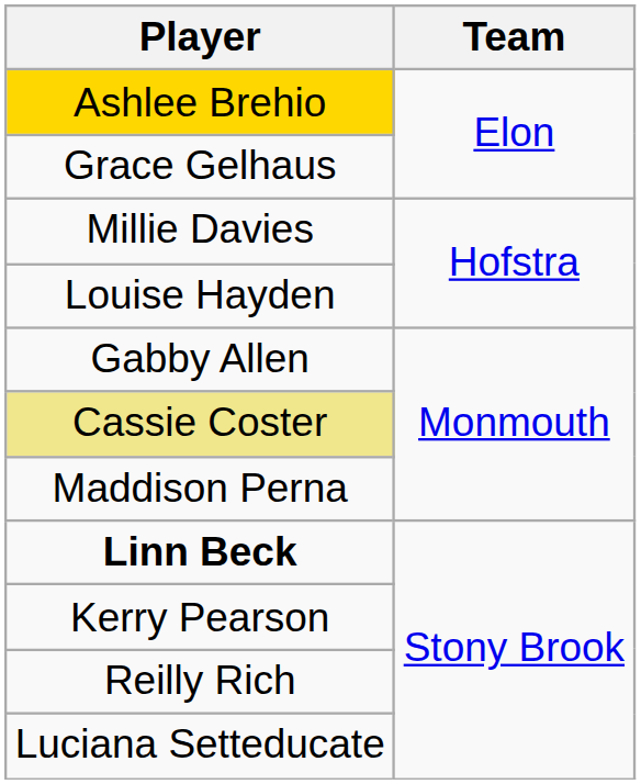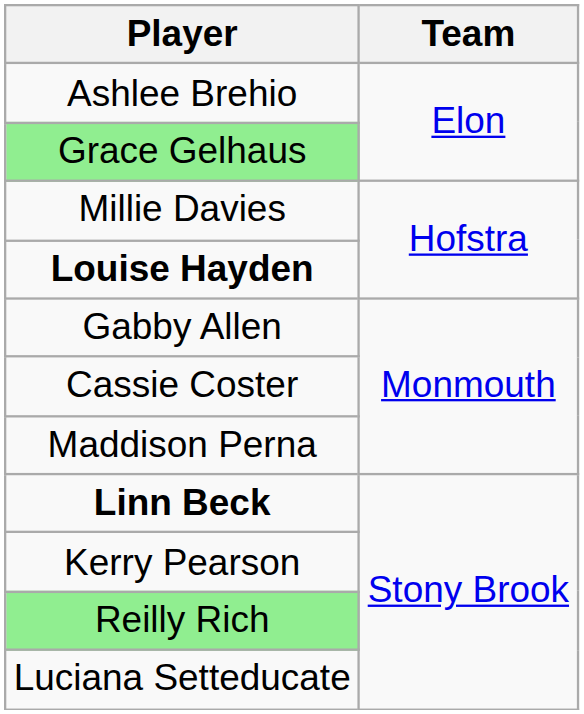 <table class="wikitable" style="text-align: center;">
 <tr>
 <th>Player</th>
 <th>Team</th>
 </tr>
 <tr>
-<td style="background: gold;">Ashlee Brehio</td>
+<td>Ashlee Brehio</td>
 <td rowspan=2><a href='#'>Elon</a></td>
 </tr>
 <tr>
-<td>Grace Gelhaus</td>
+<td style="background: lightgreen;">Grace Gelhaus</td>
 </tr>
 <tr>
 <td>Millie Davies</td>
 <td rowspan=2><a href='#'>Hofstra</a></td>
 </tr>
 <tr>
-<td>Louise Hayden</td>
+<td><strong>Louise Hayden</strong></td>
 </tr>
 <tr>
 <td>Gabby Allen</td>
 <td rowspan=3><a href='#'>Monmouth</a></td>
 </tr>
 <tr>
-<td style="background: khaki;">Cassie Coster</td>
+<td>Cassie Coster</td>
 </tr>
 <tr>
 <td>Maddison Perna</td>
 </tr>
 <tr>
 <td><strong>Linn Beck</strong></td>
 <td rowspan=4><a href='#'>Stony Brook</a></td>
 </tr>
 <tr>
 <td>Kerry Pearson</td>
 </tr>
 <tr>
-<td>Reilly Rich</td>
+<td style="background: lightgreen;">Reilly Rich</td>
 </tr>
 <tr>
 <td>Luciana Setteducate</td>
 </tr>
 </table>
